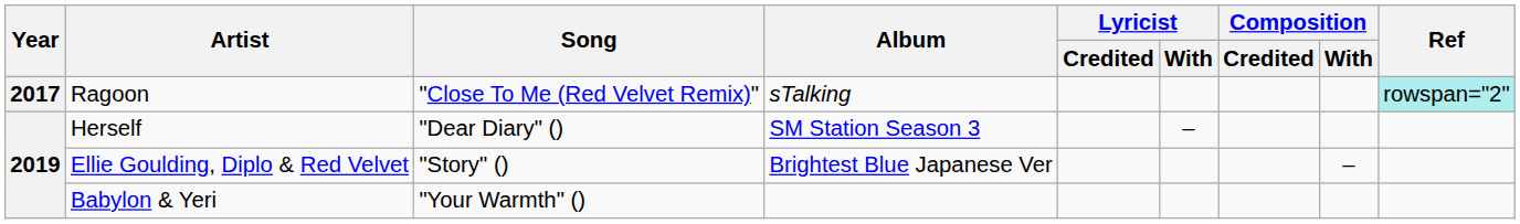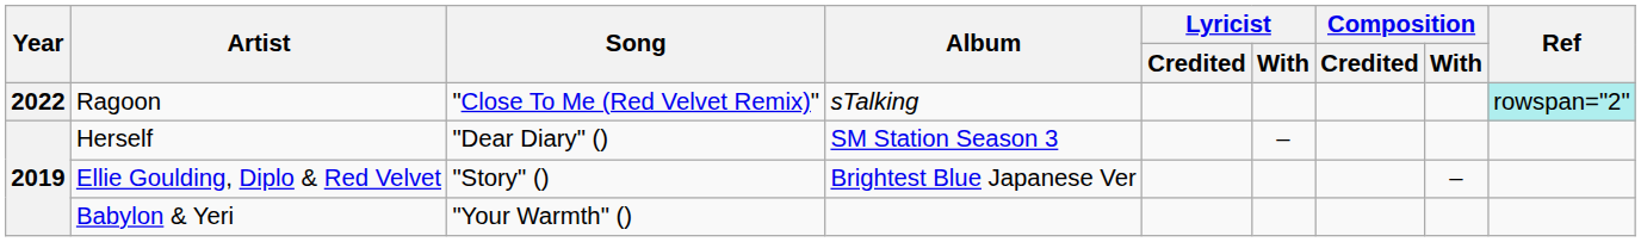 <table class="wikitable plainrowheaders">
 <tr>
 <th rowspan="2">Year</th>
 <th rowspan="2">Artist</th>
 <th rowspan="2">Song</th>
 <th rowspan="2">Album</th>
 <th colspan="2"><a href='#'>Lyricist</a></th>
 <th colspan="2"><a href='#'>Composition</a></th>
 <th rowspan="2">Ref</th>
 </tr>
 <tr>
 <th>Credited</th>
 <th>With</th>
 <th>Credited</th>
 <th>With</th>
 </tr>
 <tr>
-<th scope="row">2017</th>
+<th scope="row">2022</th>
 <td>Ragoon</td>
 <td>"<a href='#'>Close To Me (Red Velvet Remix)</a>"</td>
 <td><em>sTalking</em></td>
 <td></td>
 <td style="text-align:center"></td>
 <td></td>
 <td style="text-align:center"></td>
 <td style="background: paleturquoise;">rowspan="2"  </td>
 </tr>
 <tr>
 <th scope="row" rowspan="3">2019</th>
 <td>Herself</td>
 <td>"Dear Diary" ()</td>
 <td><a href='#'>SM Station Season 3</a></td>
 <td></td>
 <td style="text-align:center">–</td>
 <td></td>
 <td style="text-align:center"></td>
 </tr>
 <tr>
 <td><a href='#'>Ellie Goulding</a>, <a href='#'>Diplo</a> & <a href='#'>Red Velvet</a></td>
 <td>"Story" ()</td>
 <td><a href='#'>Brightest Blue</a> Japanese  Ver</td>
 <td></td>
 <td style="text-align:center"></td>
 <td></td>
 <td style="text-align:center">–</td>
 <td style="text-align:center"></td>
 </tr>
 <tr>
 <td><a href='#'>Babylon</a> & Yeri</td>
 <td>"Your Warmth" ()</td>
 <td></td>
 <td></td>
 <td style="text-align:center"></td>
 <td></td>
 <td style="text-align:center"></td>
 <td style="text-align:center"></td>
 </tr>
 </table>
